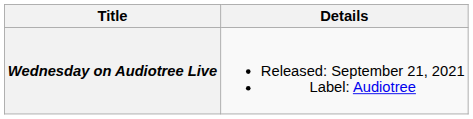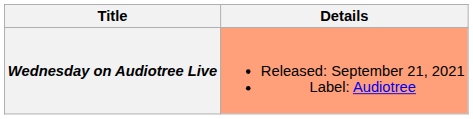 <table class="wikitable plainrowheaders" style="text-align:center;">
 <tr>
 <th>Title</th>
 <th>Details</th>
 </tr>
 <tr>
 <th scope="row"><em>Wednesday on Audiotree Live</em></th>
-<td><br><ul><li>Released: September 21, 2021</li><li>Label: <a href='#'>Audiotree</a></li></ul></td>
+<td style="background: lightsalmon;"><br><ul><li>Released: September 21, 2021</li><li>Label: <a href='#'>Audiotree</a></li></ul></td>
 </tr>
 </table>
